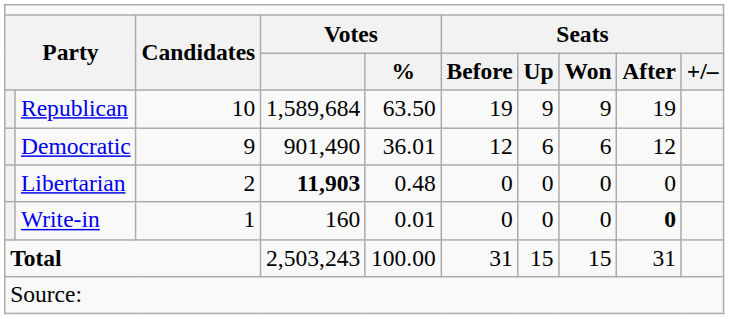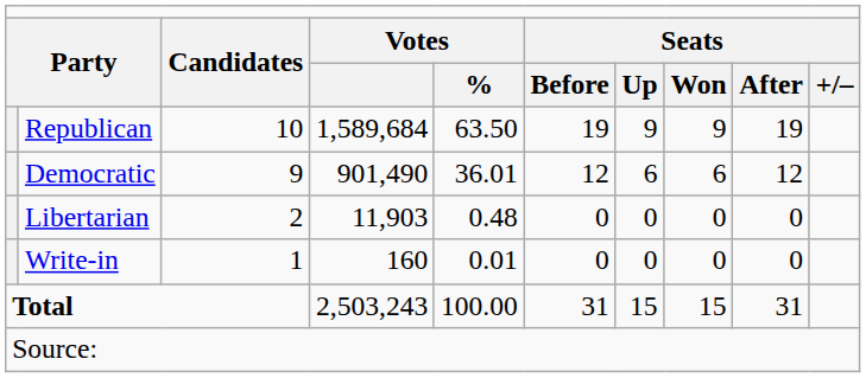 <table class="wikitable">
 <tr>
 <td colspan="15" align="center"></td>
 </tr>
 <tr>
 <th colspan="2" rowspan="2">Party</th>
 <th rowspan="2">Candidates</th>
 <th colspan="2">Votes</th>
 <th colspan="5">Seats</th>
 </tr>
 <tr>
 <th></th>
 <th>%</th>
 <th>Before</th>
 <th>Up</th>
 <th>Won</th>
 <th>After</th>
 <th>+/–</th>
 </tr>
 <tr>
 <th style="background-color:"></th>
 <td><a href='#'>Republican</a></td>
 <td align="right">10</td>
 <td align="right">1,589,684</td>
 <td align="right">63.50</td>
 <td align="right">19</td>
 <td align="right">9</td>
 <td align="right">9</td>
 <td align="right">19</td>
 <td align="right"></td>
 </tr>
 <tr>
 <th style="background-color:"></th>
 <td><a href='#'>Democratic</a></td>
 <td align="right">9</td>
 <td align="right">901,490</td>
 <td align="right">36.01</td>
 <td align="right">12</td>
 <td align="right">6</td>
 <td align="right">6</td>
 <td align="right">12</td>
 <td align="right"></td>
 </tr>
 <tr>
 <th style="background-color:"></th>
 <td><a href='#'>Libertarian</a></td>
 <td align="right">2</td>
-<td align="right"><strong>11,903</strong></td>
+<td align="right">11,903</td>
 <td align="right">0.48</td>
 <td align="right">0</td>
 <td align="right">0</td>
 <td align="right">0</td>
 <td align="right">0</td>
 <td align="right"></td>
 </tr>
 <tr>
 <th style="background-color:"></th>
 <td><a href='#'>Write-in</a></td>
 <td align="right">1</td>
 <td align="right">160</td>
 <td align="right">0.01</td>
 <td align="right">0</td>
 <td align="right">0</td>
 <td align="right">0</td>
-<td align="right"><strong>0</strong></td>
+<td align="right">0</td>
 <td align="right"></td>
 </tr>
 <tr>
 <td colspan="3" align="left"><strong>Total</strong></td>
 <td align="right">2,503,243</td>
 <td align="right">100.00</td>
 <td align="right">31</td>
 <td align="right">15</td>
 <td align="right">15</td>
 <td align="right">31</td>
 <td align="right"></td>
 </tr>
 <tr>
 <td colspan="10">Source:</td>
 </tr>
 </table>
